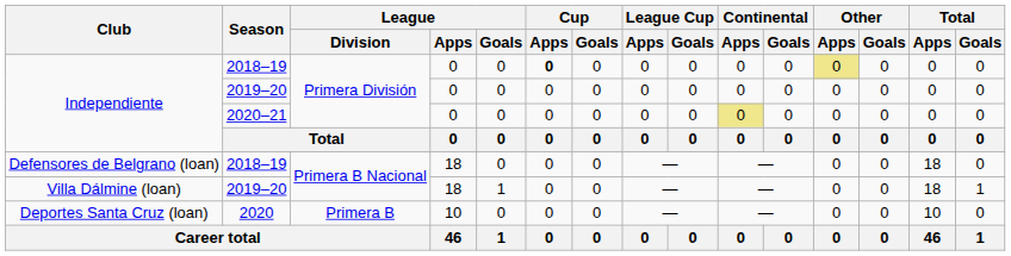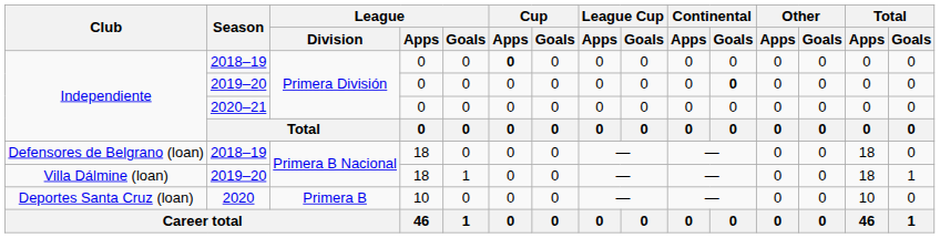 <table class="wikitable" style="text-align:center">
 <tr>
 <th rowspan="2">Club</th>
 <th rowspan="2">Season</th>
 <th colspan="3">League</th>
 <th colspan="2">Cup</th>
 <th colspan="2">League Cup</th>
 <th colspan="2">Continental</th>
 <th colspan="2">Other</th>
 <th colspan="2">Total</th>
 </tr>
 <tr>
 <th>Division</th>
 <th>Apps</th>
 <th>Goals</th>
 <th>Apps</th>
 <th>Goals</th>
 <th>Apps</th>
 <th>Goals</th>
 <th>Apps</th>
 <th>Goals</th>
 <th>Apps</th>
 <th>Goals</th>
 <th>Apps</th>
 <th>Goals</th>
 </tr>
 <tr>
 <td rowspan="4"><a href='#'>Independiente</a></td>
 <td><a href='#'>2018–19</a></td>
 <td rowspan="3"><a href='#'>Primera División</a></td>
 <td>0</td>
 <td>0</td>
 <td><strong>0</strong></td>
 <td>0</td>
 <td>0</td>
 <td>0</td>
 <td>0</td>
 <td>0</td>
-<td style="background: khaki;">0</td>
+<td>0</td>
 <td>0</td>
 <td>0</td>
 <td>0</td>
 </tr>
 <tr>
 <td><a href='#'>2019–20</a></td>
 <td>0</td>
 <td>0</td>
 <td>0</td>
 <td>0</td>
 <td>0</td>
 <td>0</td>
 <td>0</td>
-<td>0</td>
+<td><strong>0</strong></td>
 <td>0</td>
 <td>0</td>
 <td>0</td>
 <td>0</td>
 </tr>
 <tr>
 <td><a href='#'>2020–21</a></td>
 <td>0</td>
 <td>0</td>
 <td>0</td>
 <td>0</td>
 <td>0</td>
 <td>0</td>
-<td style="background: khaki;">0</td>
+<td>0</td>
 <td>0</td>
 <td>0</td>
 <td>0</td>
 <td>0</td>
 <td>0</td>
 </tr>
 <tr>
 <th colspan="2">Total</th>
 <th>0</th>
 <th>0</th>
 <th>0</th>
 <th>0</th>
 <th>0</th>
 <th>0</th>
 <th>0</th>
 <th>0</th>
 <th>0</th>
 <th>0</th>
 <th>0</th>
 <th>0</th>
 </tr>
 <tr>
 <td rowspan="1"><a href='#'>Defensores de Belgrano</a> (loan)</td>
 <td><a href='#'>2018–19</a></td>
 <td rowspan="2"><a href='#'>Primera B Nacional</a></td>
 <td>18</td>
 <td>0</td>
 <td>0</td>
 <td>0</td>
 <td colspan="2">—</td>
 <td colspan="2">—</td>
 <td>0</td>
 <td>0</td>
 <td>18</td>
 <td>0</td>
 </tr>
 <tr>
 <td rowspan="1"><a href='#'>Villa Dálmine</a> (loan)</td>
 <td><a href='#'>2019–20</a></td>
 <td>18</td>
 <td>1</td>
 <td>0</td>
 <td>0</td>
 <td colspan="2">—</td>
 <td colspan="2">—</td>
 <td>0</td>
 <td>0</td>
 <td>18</td>
 <td>1</td>
 </tr>
 <tr>
 <td rowspan="1"><a href='#'>Deportes Santa Cruz</a> (loan)</td>
 <td><a href='#'>2020</a></td>
 <td rowspan="1"><a href='#'>Primera B</a></td>
 <td>10</td>
 <td>0</td>
 <td>0</td>
 <td>0</td>
 <td colspan="2">—</td>
 <td colspan="2">—</td>
 <td>0</td>
 <td>0</td>
 <td>10</td>
 <td>0</td>
 </tr>
 <tr>
 <th colspan="3">Career total</th>
 <th>46</th>
 <th>1</th>
 <th>0</th>
 <th>0</th>
 <th>0</th>
 <th>0</th>
 <th>0</th>
 <th>0</th>
 <th>0</th>
 <th>0</th>
 <th>46</th>
 <th>1</th>
 </tr>
 </table>
